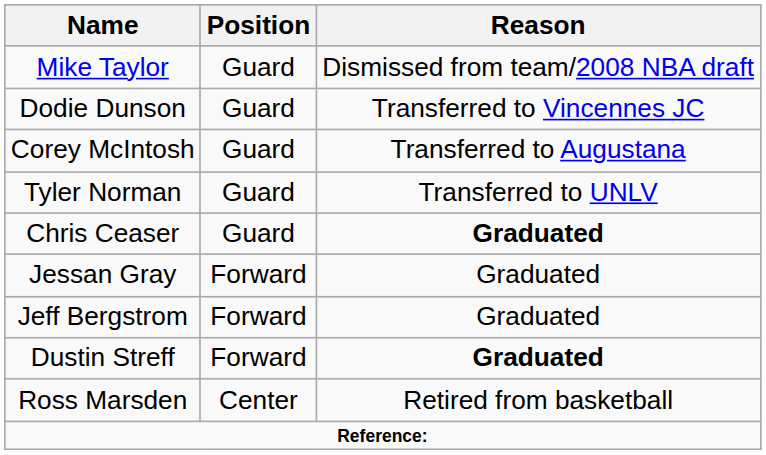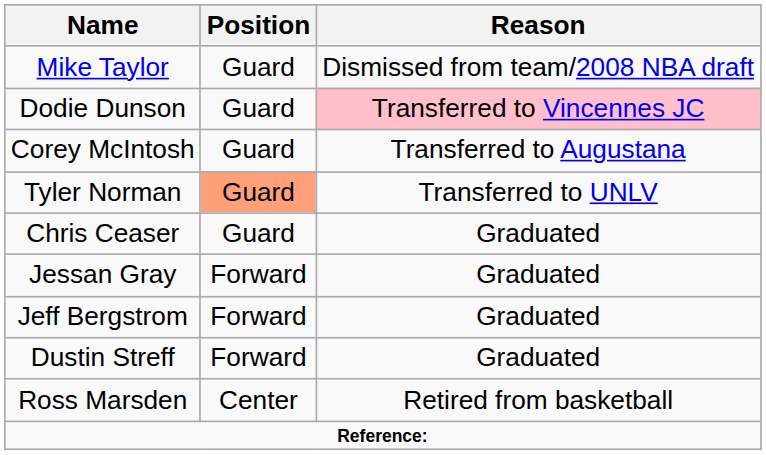 <table class="wikitable" style="text-align: center">
 <tr align=center>
 <th>Name</th>
 <th>Position</th>
 <th>Reason</th>
 </tr>
 <tr>
 <td><a href='#'>Mike Taylor</a></td>
 <td>Guard</td>
 <td>Dismissed from team/<a href='#'>2008 NBA draft</a></td>
 </tr>
 <tr>
 <td>Dodie Dunson</td>
 <td>Guard</td>
-<td>Transferred to <a href='#'>Vincennes JC</a></td>
+<td style="background: pink;">Transferred to <a href='#'>Vincennes JC</a></td>
 </tr>
 <tr>
 <td>Corey McIntosh</td>
 <td>Guard</td>
 <td>Transferred to <a href='#'>Augustana</a></td>
 </tr>
 <tr>
 <td>Tyler Norman</td>
-<td>Guard</td>
+<td style="background: lightsalmon;">Guard</td>
 <td>Transferred to <a href='#'>UNLV</a></td>
 </tr>
 <tr>
 <td>Chris Ceaser</td>
 <td>Guard</td>
-<td><strong>Graduated</strong></td>
+<td>Graduated</td>
 </tr>
 <tr>
 <td>Jessan Gray</td>
 <td>Forward</td>
 <td>Graduated</td>
 </tr>
 <tr>
 <td>Jeff Bergstrom</td>
 <td>Forward</td>
 <td>Graduated</td>
 </tr>
 <tr>
 <td>Dustin Streff</td>
 <td>Forward</td>
-<td><strong>Graduated</strong></td>
+<td>Graduated</td>
 </tr>
 <tr>
 <td>Ross Marsden</td>
 <td>Center</td>
 <td>Retired from basketball</td>
 </tr>
 <tr>
 <td colspan="6"  style="font-size:8pt; text-align:center;"><strong>Reference:</strong></td>
 </tr>
 </table>
